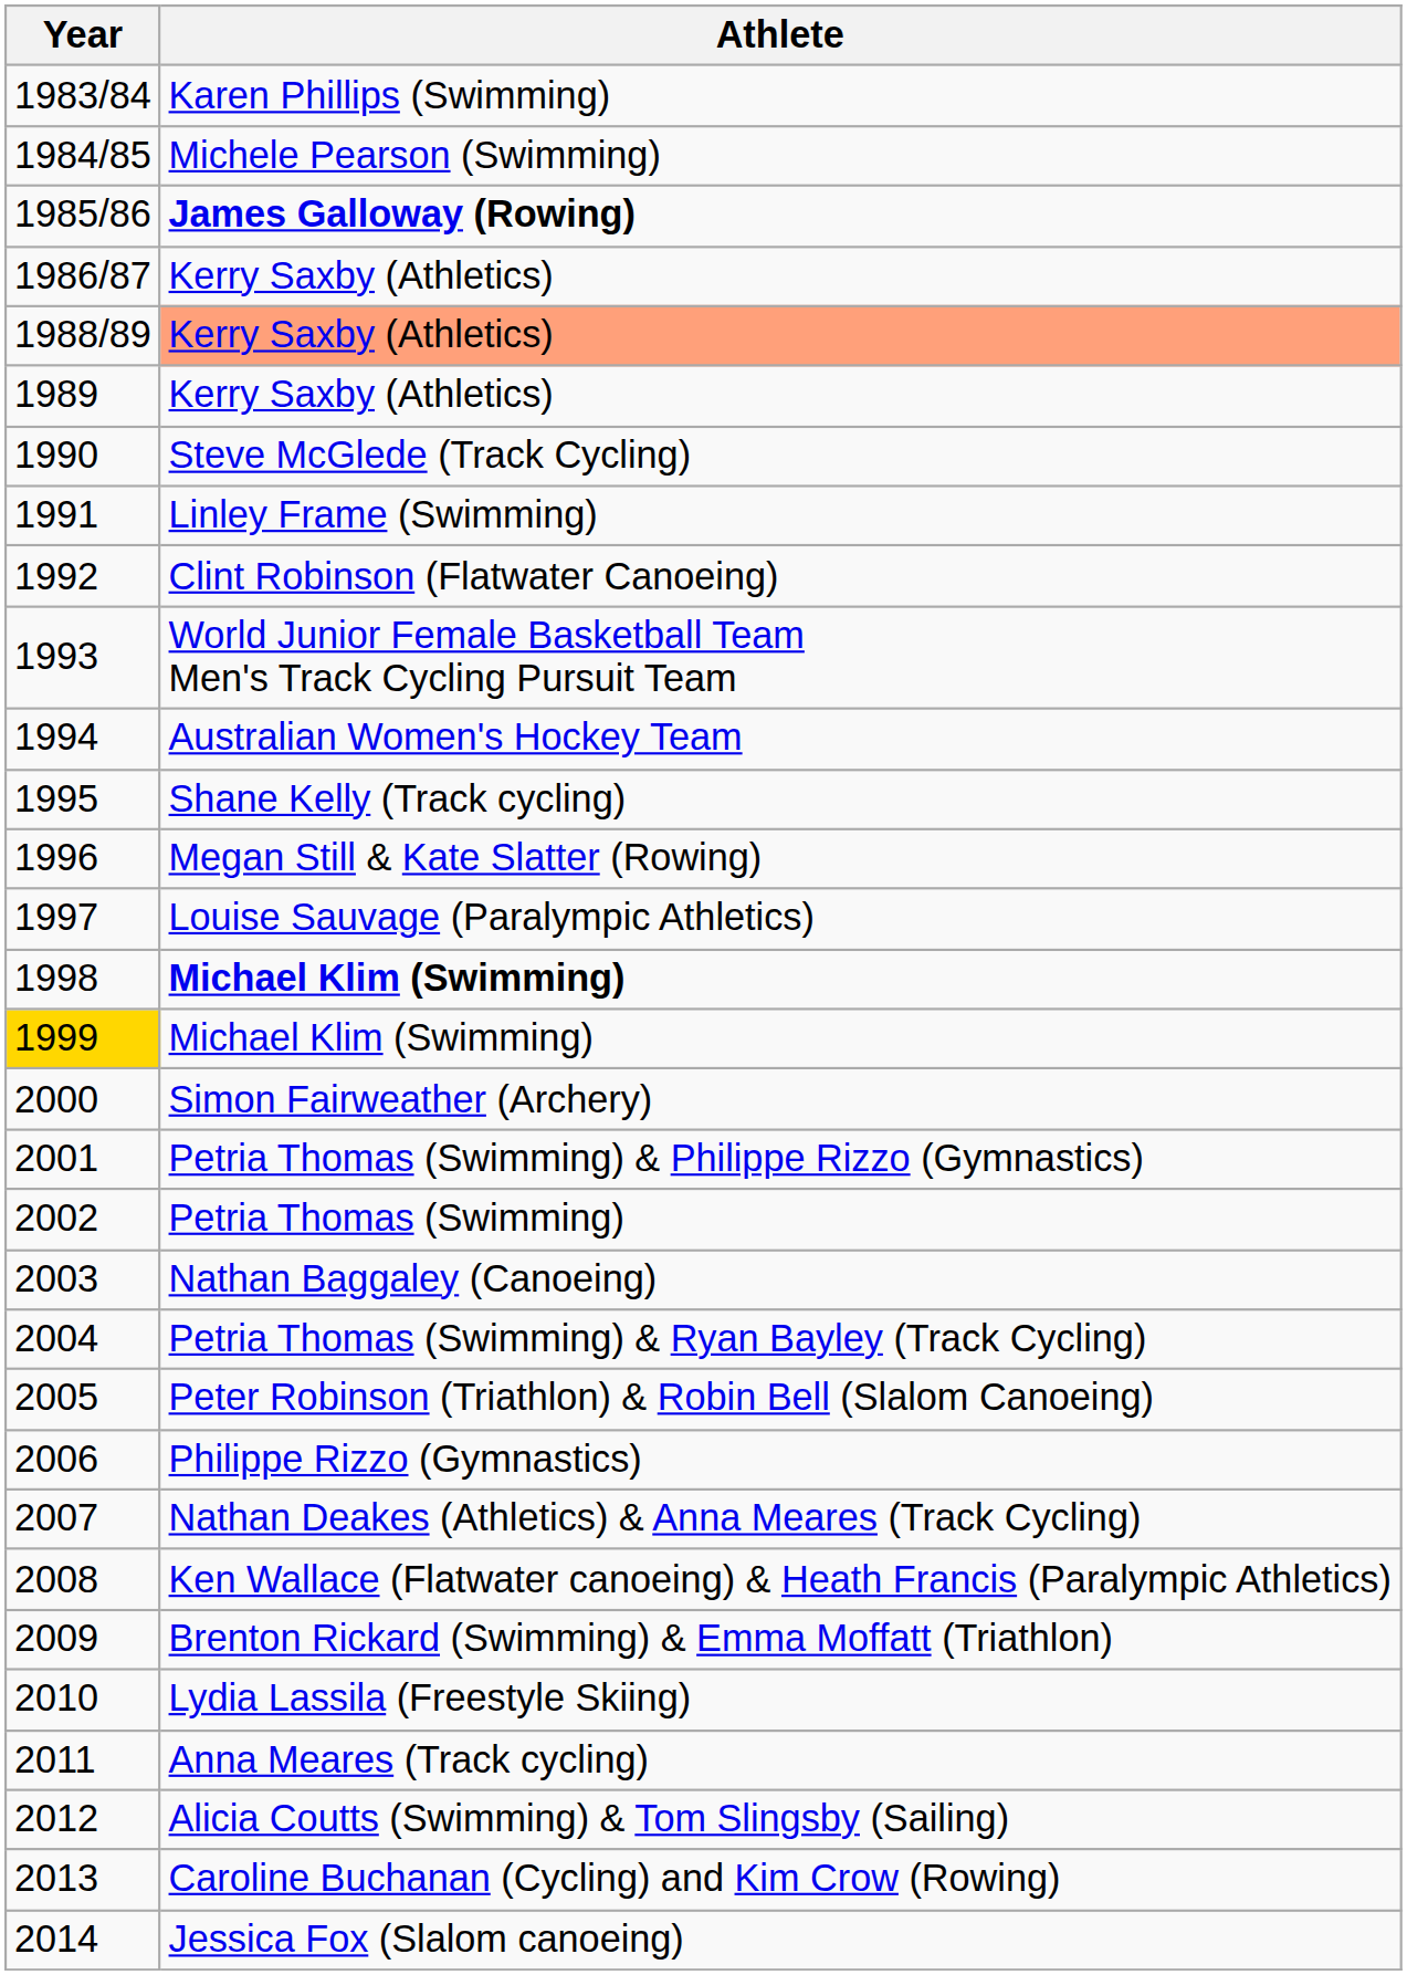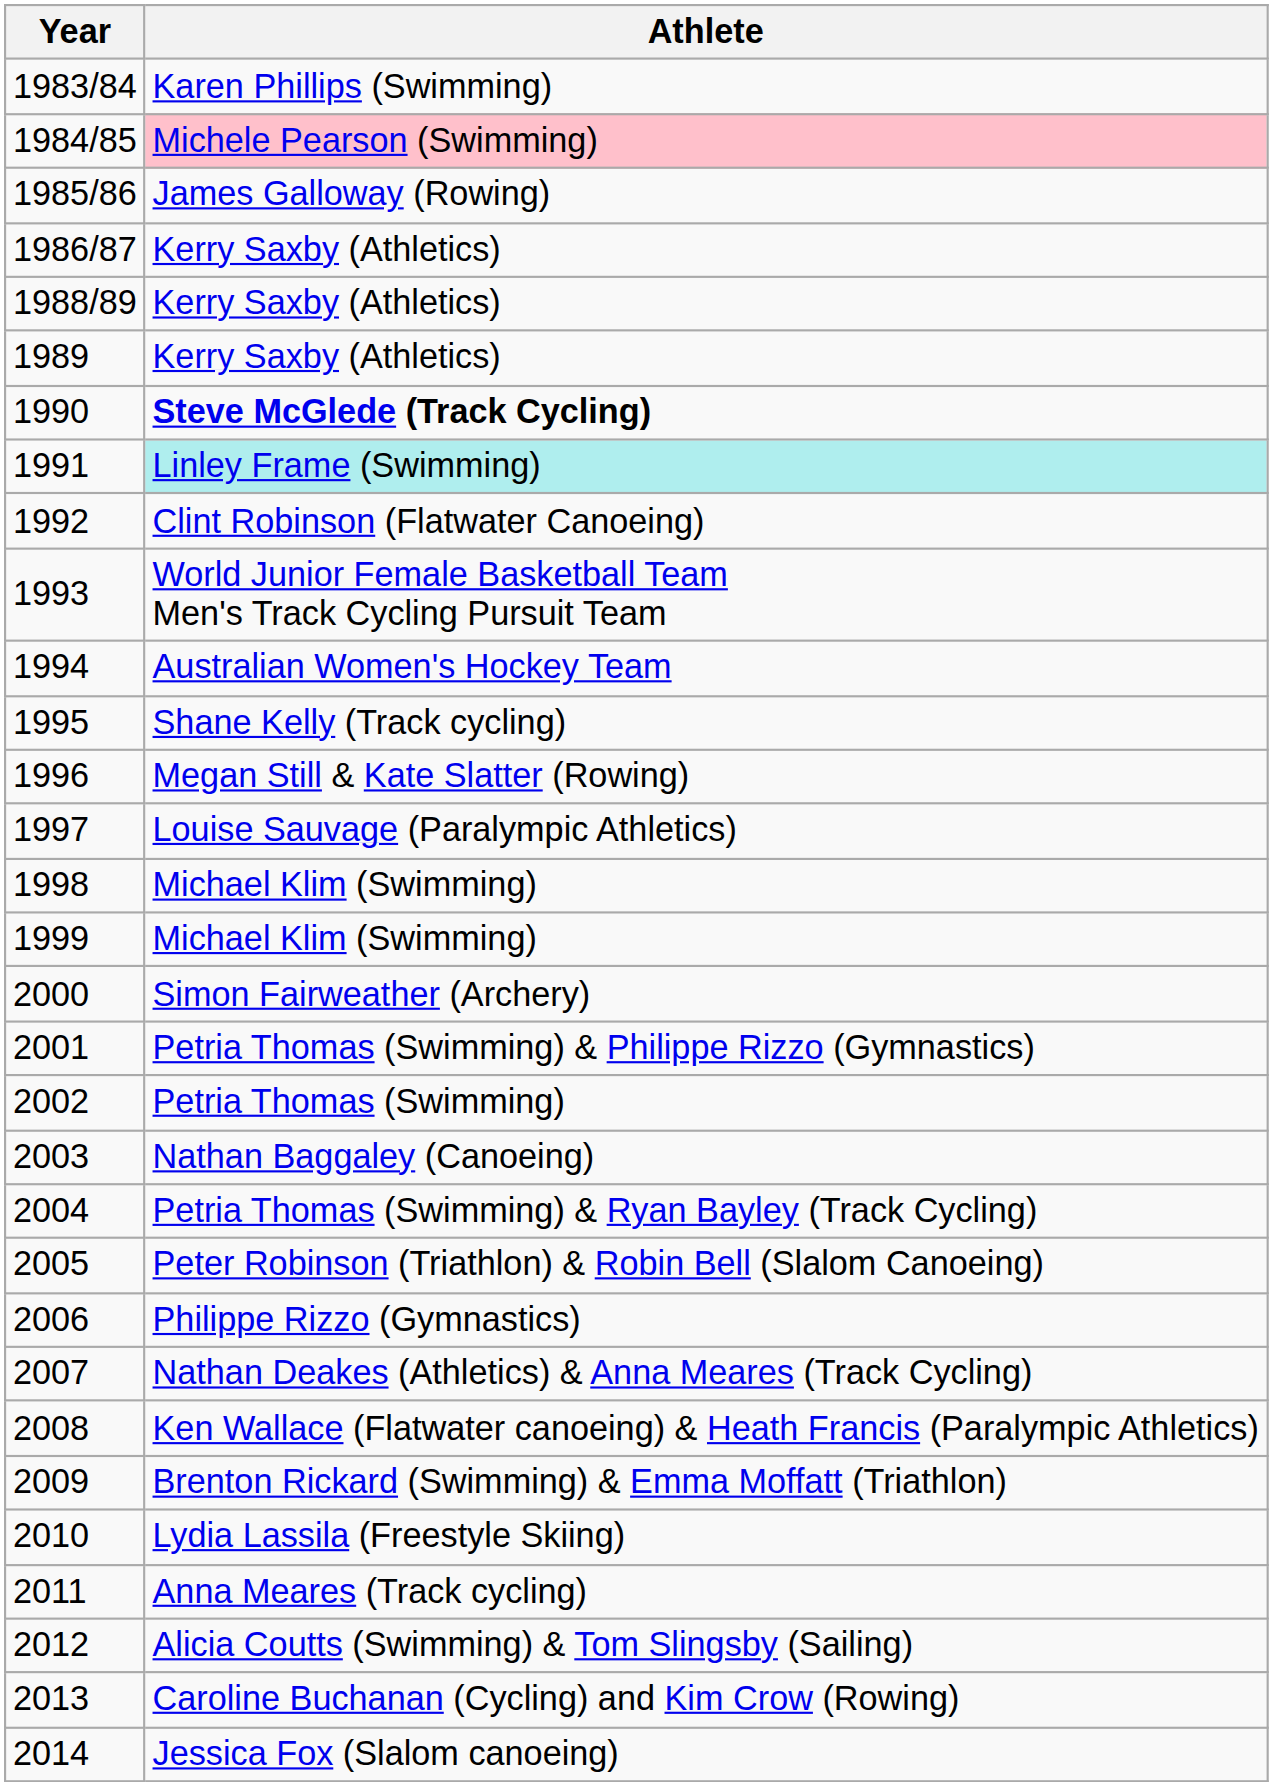 <table class="wikitable">
 <tr>
 <th>Year</th>
 <th>Athlete</th>
 </tr>
 <tr>
 <td>1983/84</td>
 <td><a href='#'>Karen Phillips</a> (Swimming)</td>
 </tr>
 <tr>
 <td>1984/85</td>
-<td><a href='#'>Michele Pearson</a> (Swimming)</td>
+<td style="background: pink;"><a href='#'>Michele Pearson</a> (Swimming)</td>
 </tr>
 <tr>
 <td>1985/86</td>
-<td><strong><a href='#'>James Galloway</a> (Rowing)</strong></td>
+<td><a href='#'>James Galloway</a> (Rowing)</td>
 </tr>
 <tr>
 <td>1986/87</td>
 <td><a href='#'>Kerry Saxby</a> (Athletics)</td>
 </tr>
 <tr>
 <td>1988/89</td>
-<td style="background: lightsalmon;"><a href='#'>Kerry Saxby</a> (Athletics)</td>
+<td><a href='#'>Kerry Saxby</a> (Athletics)</td>
 </tr>
 <tr>
 <td>1989</td>
 <td><a href='#'>Kerry Saxby</a> (Athletics)</td>
 </tr>
 <tr>
 <td>1990</td>
-<td><a href='#'>Steve McGlede</a> (Track Cycling)</td>
+<td><strong><a href='#'>Steve McGlede</a> (Track Cycling)</strong></td>
 </tr>
 <tr>
 <td>1991</td>
-<td><a href='#'>Linley Frame</a> (Swimming)</td>
+<td style="background: paleturquoise;"><a href='#'>Linley Frame</a> (Swimming)</td>
 </tr>
 <tr>
 <td>1992</td>
 <td><a href='#'>Clint Robinson</a> (Flatwater Canoeing)</td>
 </tr>
 <tr>
 <td>1993</td>
 <td><a href='#'>World Junior Female Basketball Team</a>  <br> Men's Track Cycling Pursuit Team</td>
 </tr>
 <tr>
 <td>1994</td>
 <td><a href='#'>Australian Women's Hockey Team</a></td>
 </tr>
 <tr>
 <td>1995</td>
 <td><a href='#'>Shane Kelly</a> (Track cycling)</td>
 </tr>
 <tr>
 <td>1996</td>
 <td><a href='#'>Megan Still</a> & <a href='#'>Kate Slatter</a> (Rowing)</td>
 </tr>
 <tr>
 <td>1997</td>
 <td><a href='#'>Louise Sauvage</a> (Paralympic Athletics)</td>
 </tr>
 <tr>
 <td>1998</td>
-<td><strong><a href='#'>Michael Klim</a> (Swimming)</strong></td>
+<td><a href='#'>Michael Klim</a> (Swimming)</td>
 </tr>
 <tr>
-<td style="background: gold;">1999</td>
+<td>1999</td>
 <td><a href='#'>Michael Klim</a> (Swimming)</td>
 </tr>
 <tr>
 <td>2000</td>
 <td><a href='#'>Simon Fairweather</a> (Archery)</td>
 </tr>
 <tr>
 <td>2001</td>
 <td><a href='#'>Petria Thomas</a> (Swimming) & <a href='#'>Philippe Rizzo</a> (Gymnastics)</td>
 </tr>
 <tr>
 <td>2002</td>
 <td><a href='#'>Petria Thomas</a> (Swimming)</td>
 </tr>
 <tr>
 <td>2003</td>
 <td><a href='#'>Nathan Baggaley</a> (Canoeing)</td>
 </tr>
 <tr>
 <td>2004</td>
 <td><a href='#'>Petria Thomas</a> (Swimming) & <a href='#'>Ryan Bayley</a> (Track Cycling)</td>
 </tr>
 <tr>
 <td>2005</td>
 <td><a href='#'>Peter Robinson</a> (Triathlon) & <a href='#'>Robin Bell</a> (Slalom Canoeing)</td>
 </tr>
 <tr>
 <td>2006</td>
 <td><a href='#'>Philippe Rizzo</a> (Gymnastics)</td>
 </tr>
 <tr>
 <td>2007</td>
 <td><a href='#'>Nathan Deakes</a> (Athletics) & <a href='#'>Anna Meares</a> (Track Cycling)</td>
 </tr>
 <tr>
 <td>2008</td>
 <td><a href='#'>Ken Wallace</a> (Flatwater canoeing) & <a href='#'>Heath Francis</a> (Paralympic Athletics)</td>
 </tr>
 <tr>
 <td>2009</td>
 <td><a href='#'>Brenton Rickard</a> (Swimming) & <a href='#'>Emma Moffatt</a> (Triathlon)</td>
 </tr>
 <tr>
 <td>2010</td>
 <td><a href='#'>Lydia Lassila</a> (Freestyle Skiing)</td>
 </tr>
 <tr>
 <td>2011</td>
 <td><a href='#'>Anna Meares</a> (Track cycling)</td>
 </tr>
 <tr>
 <td>2012</td>
 <td><a href='#'>Alicia Coutts</a> (Swimming) & <a href='#'>Tom Slingsby</a> (Sailing)</td>
 </tr>
 <tr>
 <td>2013</td>
 <td><a href='#'>Caroline Buchanan</a> (Cycling) and <a href='#'>Kim Crow</a> (Rowing)</td>
 </tr>
 <tr>
 <td>2014</td>
 <td><a href='#'>Jessica Fox</a> (Slalom canoeing)</td>
 </tr>
 </table>
